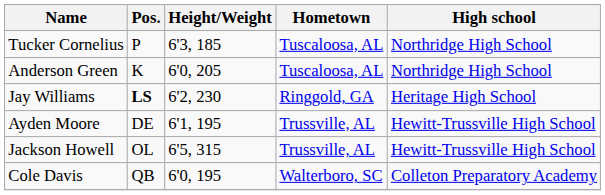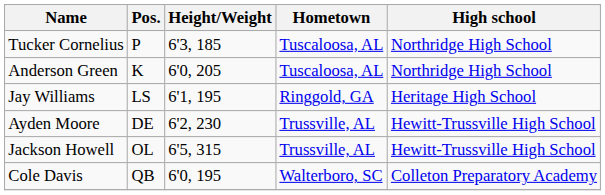 <table class="wikitable sortable">
 <tr>
 <th style="text-align:center; ">Name</th>
 <th style="text-align:center; ">Pos.</th>
 <th style="text-align:center; ">Height/Weight</th>
 <th style="text-align:center; ">Hometown</th>
 <th style="text-align:center; ">High school</th>
 </tr>
 <tr>
 <td>Tucker Cornelius</td>
 <td>P</td>
 <td>6'3, 185</td>
 <td><a href='#'>Tuscaloosa, AL</a></td>
 <td><a href='#'>Northridge High School</a></td>
 </tr>
 <tr>
 <td>Anderson Green</td>
 <td>K</td>
 <td>6'0, 205</td>
 <td><a href='#'>Tuscaloosa, AL</a></td>
 <td><a href='#'>Northridge High School</a></td>
 </tr>
 <tr>
 <td>Jay Williams</td>
-<td><strong>LS</strong></td>
-<td>6'2, 230</td>
+<td>LS</td>
+<td>6'1, 195</td>
 <td><a href='#'>Ringgold, GA</a></td>
 <td><a href='#'>Heritage High School</a></td>
 </tr>
 <tr>
 <td>Ayden Moore</td>
 <td>DE</td>
-<td>6'1, 195</td>
+<td>6'2, 230</td>
 <td><a href='#'>Trussville, AL</a></td>
 <td><a href='#'>Hewitt-Trussville High School</a></td>
 </tr>
 <tr>
 <td>Jackson Howell</td>
 <td>OL</td>
 <td>6'5, 315</td>
 <td><a href='#'>Trussville, AL</a></td>
 <td><a href='#'>Hewitt-Trussville High School</a></td>
 </tr>
 <tr>
 <td>Cole Davis</td>
 <td>QB</td>
 <td>6'0, 195</td>
 <td><a href='#'>Walterboro, SC</a></td>
 <td><a href='#'>Colleton Preparatory Academy</a></td>
 </tr>
 <tr>
 </tr>
 </table>
